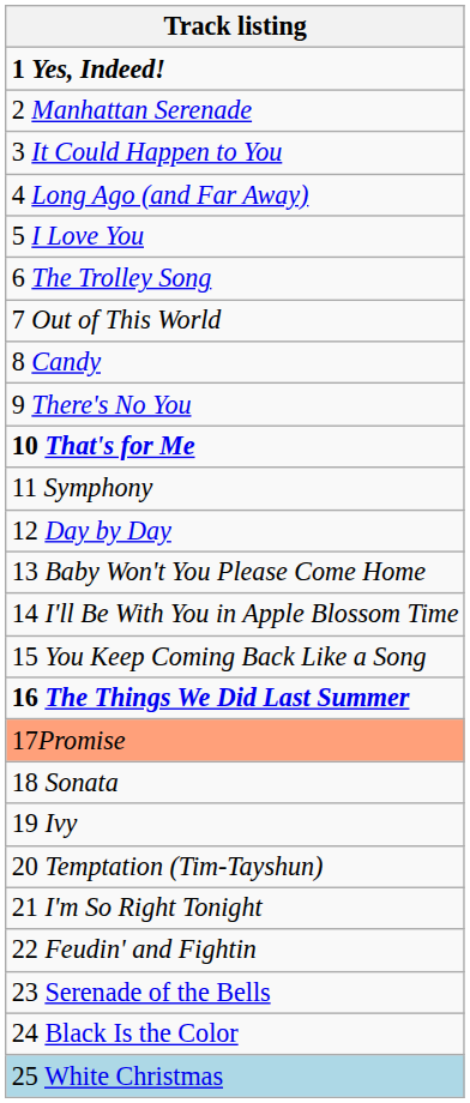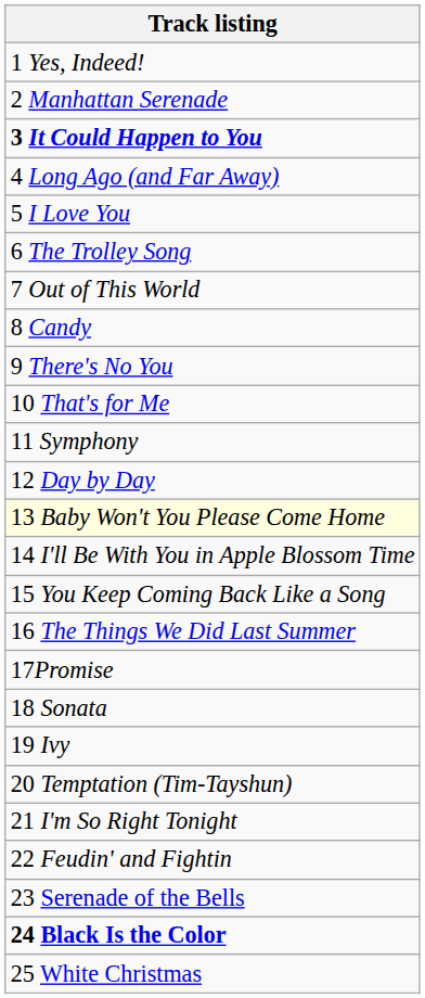 <table class="wikitable">
 <tr>
 <th>Track listing</th>
 </tr>
 <tr>
-<td><strong>1 <em>Yes, Indeed!</em></strong></td>
+<td>1 <em>Yes, Indeed!</em></td>
 </tr>
 <tr>
 <td>2 <em><a href='#'>Manhattan Serenade</a></em></td>
 </tr>
 <tr>
-<td>3 <em><a href='#'>It Could Happen to You</a></em></td>
+<td><strong>3 <em><a href='#'>It Could Happen to You</a></em></strong></td>
 </tr>
 <tr>
 <td>4 <em><a href='#'>Long Ago (and Far Away)</a></em></td>
 </tr>
 <tr>
 <td>5 <em><a href='#'>I Love You</a></em></td>
 </tr>
 <tr>
 <td>6 <em><a href='#'>The Trolley Song</a></em></td>
 </tr>
 <tr>
 <td>7 <em>Out of This World</em></td>
 </tr>
 <tr>
 <td>8 <em><a href='#'>Candy</a></em></td>
 </tr>
 <tr>
 <td>9 <em><a href='#'>There's No You</a></em></td>
 </tr>
 <tr>
-<td><strong>10 <em><a href='#'>That's for Me</a></em></strong></td>
+<td>10 <em><a href='#'>That's for Me</a></em></td>
 </tr>
 <tr>
 <td>11 <em>Symphony</em></td>
 </tr>
 <tr>
 <td>12 <em><a href='#'>Day by Day</a></em></td>
 </tr>
 <tr>
-<td>13 <em>Baby Won't You Please Come Home</em></td>
+<td style="background: lightyellow;">13 <em>Baby Won't You Please Come Home</em></td>
 </tr>
 <tr>
 <td>14 <em>I'll Be With You in Apple Blossom Time</em></td>
 </tr>
 <tr>
 <td>15 <em>You Keep Coming Back Like a Song</em></td>
 </tr>
 <tr>
-<td><strong>16 <em><a href='#'>The Things We Did Last Summer</a></em></strong></td>
+<td>16 <em><a href='#'>The Things We Did Last Summer</a></em></td>
 </tr>
 <tr>
-<td style="background: lightsalmon;">17<em>Promise</em></td>
+<td>17<em>Promise</em></td>
 </tr>
 <tr>
 <td>18 <em>Sonata</em></td>
 </tr>
 <tr>
 <td>19 <em>Ivy</em></td>
 </tr>
 <tr>
 <td>20 <em>Temptation (Tim-Tayshun)</em></td>
 </tr>
 <tr>
 <td>21 <em>I'm So Right Tonight</em></td>
 </tr>
 <tr>
 <td>22 <em>Feudin' and Fightin<strong></td>
 </tr>
 <tr>
 <td>23 </em><a href='#'>Serenade of the Bells</a><em></td>
 </tr>
 <tr>
-<td>24 </em><a href='#'>Black Is the Color</a><em></td>
+<td><strong>24 </em><a href='#'>Black Is the Color</a><em></strong></td>
 </tr>
 <tr>
-<td style="background: lightblue;">25 </em><a href='#'>White Christmas</a><em></td>
+<td>25 </em><a href='#'>White Christmas</a><em></td>
 </tr>
 </table>
